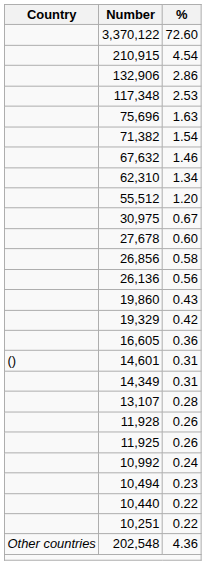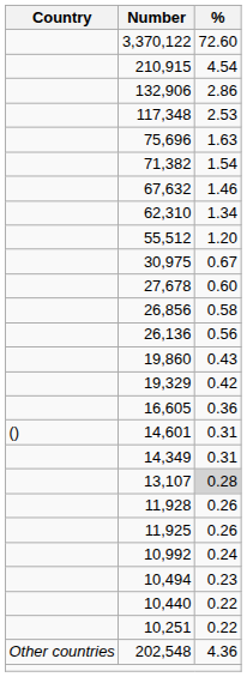 <table class="wikitable sortable floatright" style="font-size:85%; text-align:right;">
 <tr>
 <th>Country</th>
 <th>Number</th>
 <th>%</th>
 </tr>
 <tr>
 <td style="text-align:left;"></td>
 <td>3,370,122</td>
 <td>72.60</td>
 </tr>
 <tr>
 <td style="text-align:left;"></td>
 <td>210,915</td>
 <td>4.54</td>
 </tr>
 <tr>
 <td style="text-align:left;"></td>
 <td>132,906</td>
 <td>2.86</td>
 </tr>
 <tr>
 <td style="text-align:left;"></td>
 <td>117,348</td>
 <td>2.53</td>
 </tr>
 <tr>
 <td style="text-align:left;"></td>
 <td>75,696</td>
 <td>1.63</td>
 </tr>
 <tr>
 <td style="text-align:left;"></td>
 <td>71,382</td>
 <td>1.54</td>
 </tr>
 <tr>
 <td style="text-align:left;"></td>
 <td>67,632</td>
 <td>1.46</td>
 </tr>
 <tr>
 <td style="text-align:left;"></td>
 <td>62,310</td>
 <td>1.34</td>
 </tr>
 <tr>
 <td style="text-align:left;"></td>
 <td>55,512</td>
 <td>1.20</td>
 </tr>
 <tr>
 <td style="text-align:left;"></td>
 <td>30,975</td>
 <td>0.67</td>
 </tr>
 <tr>
 <td style="text-align:left;"></td>
 <td>27,678</td>
 <td>0.60</td>
 </tr>
 <tr>
 <td style="text-align:left;"></td>
 <td>26,856</td>
 <td>0.58</td>
 </tr>
 <tr>
 <td style="text-align:left;"></td>
 <td>26,136</td>
 <td>0.56</td>
 </tr>
 <tr>
 <td style="text-align:left;"></td>
 <td>19,860</td>
 <td>0.43</td>
 </tr>
 <tr>
 <td style="text-align:left;"></td>
 <td>19,329</td>
 <td>0.42</td>
 </tr>
 <tr>
 <td style="text-align:left;"></td>
 <td>16,605</td>
 <td>0.36</td>
 </tr>
 <tr>
 <td style="text-align:left;"> ()</td>
 <td>14,601</td>
 <td>0.31</td>
 </tr>
 <tr>
 <td style="text-align:left;"></td>
 <td>14,349</td>
 <td>0.31</td>
 </tr>
 <tr>
 <td style="text-align:left;"></td>
 <td>13,107</td>
-<td>0.28</td>
+<td style="background: lightgrey;">0.28</td>
 </tr>
 <tr>
 <td style="text-align:left;"></td>
 <td>11,928</td>
 <td>0.26</td>
 </tr>
 <tr>
 <td style="text-align:left;"></td>
 <td>11,925</td>
 <td>0.26</td>
 </tr>
 <tr>
 <td style="text-align:left;"></td>
 <td>10,992</td>
 <td>0.24</td>
 </tr>
 <tr>
 <td style="text-align:left;"></td>
 <td>10,494</td>
 <td>0.23</td>
 </tr>
 <tr>
 <td style="text-align:left;"></td>
 <td>10,440</td>
 <td>0.22</td>
 </tr>
 <tr>
 <td style="text-align:left;"></td>
 <td>10,251</td>
 <td>0.22</td>
 </tr>
 <tr>
 <td style="text-align:left;"><em>Other countries</em></td>
 <td>202,548</td>
 <td>4.36</td>
 </tr>
 <tr>
 <td colspan=3 style="text-align:left;"></td>
 </tr>
 </table>
